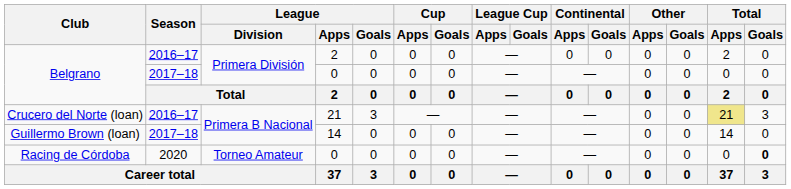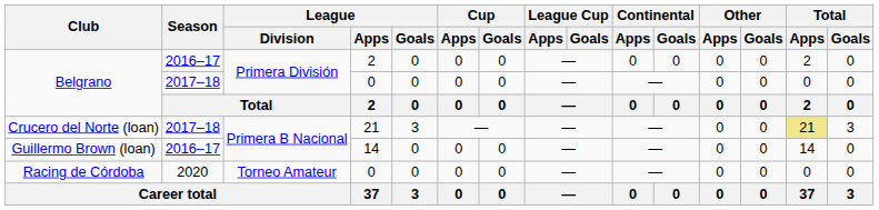 <table class="wikitable" style="text-align:center">
 <tr>
 <th rowspan="2">Club</th>
 <th rowspan="2">Season</th>
 <th colspan="3">League</th>
 <th colspan="2">Cup</th>
 <th colspan="2">League Cup</th>
 <th colspan="2">Continental</th>
 <th colspan="2">Other</th>
 <th colspan="2">Total</th>
 </tr>
 <tr>
 <th>Division</th>
 <th>Apps</th>
 <th>Goals</th>
 <th>Apps</th>
 <th>Goals</th>
 <th>Apps</th>
 <th>Goals</th>
 <th>Apps</th>
 <th>Goals</th>
 <th>Apps</th>
 <th>Goals</th>
 <th>Apps</th>
 <th>Goals</th>
 </tr>
 <tr>
 <td rowspan="3"><a href='#'>Belgrano</a></td>
 <td><a href='#'>2016–17</a></td>
 <td rowspan="2"><a href='#'>Primera División</a></td>
 <td>2</td>
 <td>0</td>
 <td>0</td>
 <td>0</td>
 <td colspan="2">—</td>
 <td>0</td>
 <td>0</td>
 <td>0</td>
 <td>0</td>
 <td>2</td>
 <td>0</td>
 </tr>
 <tr>
 <td><a href='#'>2017–18</a></td>
 <td>0</td>
 <td>0</td>
 <td>0</td>
 <td>0</td>
 <td colspan="2">—</td>
 <td colspan="2">—</td>
 <td>0</td>
 <td>0</td>
 <td>0</td>
 <td>0</td>
 </tr>
 <tr>
 <th colspan="2">Total</th>
 <th>2</th>
 <th>0</th>
 <th>0</th>
 <th>0</th>
 <th colspan="2">—</th>
 <th>0</th>
 <th>0</th>
 <th>0</th>
 <th>0</th>
 <th>2</th>
 <th>0</th>
 </tr>
 <tr>
 <td rowspan="1"><a href='#'>Crucero del Norte</a> (loan)</td>
-<td><a href='#'>2016–17</a></td>
+<td><a href='#'>2017–18</a></td>
 <td rowspan="2"><a href='#'>Primera B Nacional</a></td>
 <td>21</td>
 <td>3</td>
 <td colspan="2">—</td>
 <td colspan="2">—</td>
 <td colspan="2">—</td>
 <td>0</td>
 <td>0</td>
 <td style="background: khaki;">21</td>
 <td>3</td>
 </tr>
 <tr>
 <td rowspan="1"><a href='#'>Guillermo Brown</a> (loan)</td>
-<td><a href='#'>2017–18</a></td>
+<td><a href='#'>2016–17</a></td>
 <td>14</td>
 <td>0</td>
 <td>0</td>
 <td>0</td>
 <td colspan="2">—</td>
 <td colspan="2">—</td>
 <td>0</td>
 <td>0</td>
 <td>14</td>
 <td>0</td>
 </tr>
 <tr>
 <td rowspan="1"><a href='#'>Racing de Córdoba</a></td>
 <td>2020</td>
 <td rowspan="1"><a href='#'>Torneo Amateur</a></td>
 <td>0</td>
 <td>0</td>
 <td>0</td>
 <td>0</td>
 <td colspan="2">—</td>
 <td colspan="2">—</td>
 <td>0</td>
 <td>0</td>
 <td>0</td>
-<td><strong>0</strong></td>
+<td>0</td>
 </tr>
 <tr>
 <th colspan="3">Career total</th>
 <th>37</th>
 <th>3</th>
 <th>0</th>
 <th>0</th>
 <th colspan="2">—</th>
 <th>0</th>
 <th>0</th>
 <th>0</th>
 <th>0</th>
 <th>37</th>
 <th>3</th>
 </tr>
 </table>
